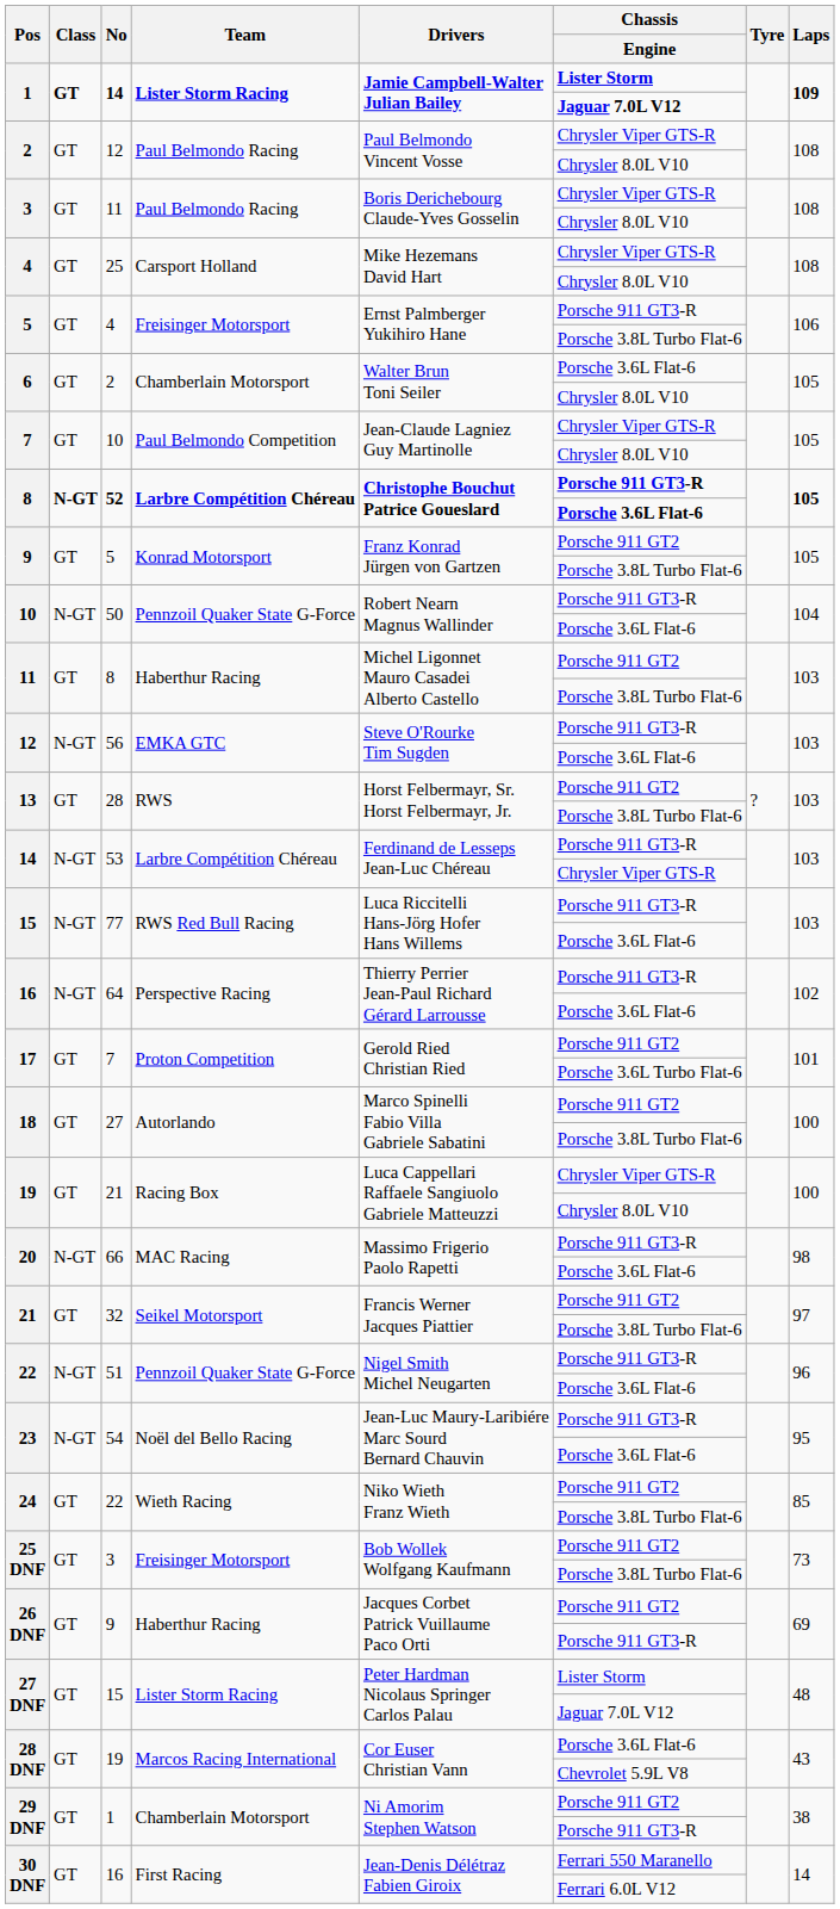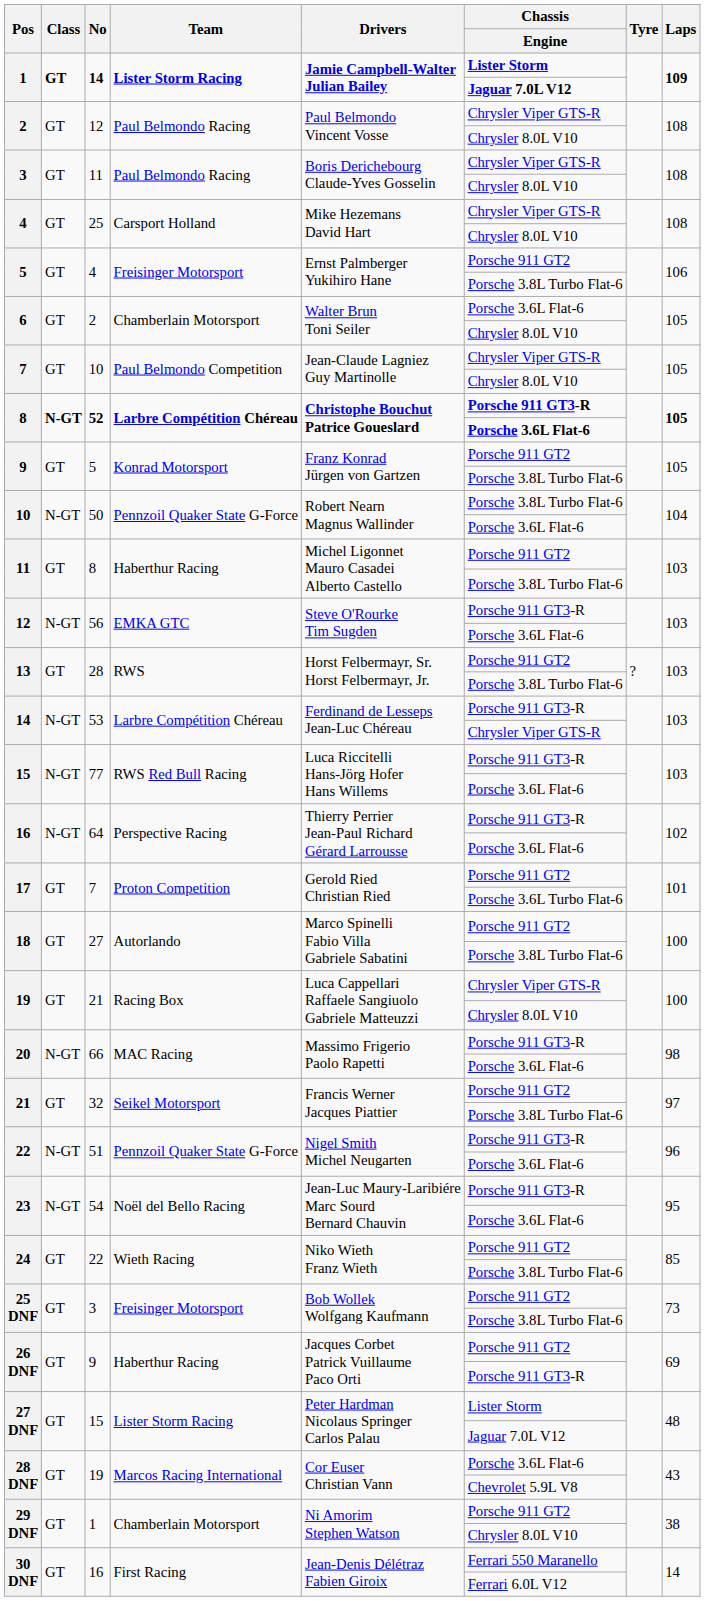 <table class="wikitable" style="font-size: 95%;">
 <tr>
 <th rowspan=2>Pos</th>
 <th rowspan=2>Class</th>
 <th rowspan=2>No</th>
 <th rowspan=2>Team</th>
 <th rowspan=2>Drivers</th>
 <th>Chassis</th>
 <th rowspan=2>Tyre</th>
 <th rowspan=2>Laps</th>
 </tr>
 <tr>
 <th>Engine</th>
 </tr>
 <tr style="font-weight:bold">
 <th rowspan=2>1</th>
 <td rowspan=2>GT</td>
 <td rowspan=2>14</td>
 <td rowspan=2> <a href='#'>Lister Storm Racing</a></td>
 <td rowspan=2> <a href='#'>Jamie Campbell-Walter</a><br> <a href='#'>Julian Bailey</a></td>
 <td><a href='#'>Lister Storm</a></td>
 <td rowspan=2></td>
 <td rowspan=2>109</td>
 </tr>
 <tr style="font-weight:bold">
 <td><a href='#'>Jaguar</a> 7.0L V12</td>
 </tr>
 <tr>
 <th rowspan=2>2</th>
 <td rowspan=2>GT</td>
 <td rowspan=2>12</td>
 <td rowspan=2> <a href='#'>Paul Belmondo</a> Racing</td>
 <td rowspan=2> <a href='#'>Paul Belmondo</a><br> Vincent Vosse</td>
 <td><a href='#'>Chrysler Viper GTS-R</a></td>
 <td rowspan=2></td>
 <td rowspan=2>108</td>
 </tr>
 <tr>
 <td><a href='#'>Chrysler</a> 8.0L V10</td>
 </tr>
 <tr>
 <th rowspan=2>3</th>
 <td rowspan=2>GT</td>
 <td rowspan=2>11</td>
 <td rowspan=2> <a href='#'>Paul Belmondo</a> Racing</td>
 <td rowspan=2> <a href='#'>Boris Derichebourg</a><br> Claude-Yves Gosselin</td>
 <td><a href='#'>Chrysler Viper GTS-R</a></td>
 <td rowspan=2></td>
 <td rowspan=2>108</td>
 </tr>
 <tr>
 <td><a href='#'>Chrysler</a> 8.0L V10</td>
 </tr>
 <tr>
 <th rowspan=2>4</th>
 <td rowspan=2>GT</td>
 <td rowspan=2>25</td>
 <td rowspan=2> Carsport Holland</td>
 <td rowspan=2> Mike Hezemans<br> David Hart</td>
 <td><a href='#'>Chrysler Viper GTS-R</a></td>
 <td rowspan=2></td>
 <td rowspan=2>108</td>
 </tr>
 <tr>
 <td><a href='#'>Chrysler</a> 8.0L V10</td>
 </tr>
 <tr>
 <th rowspan=2>5</th>
 <td rowspan=2>GT</td>
 <td rowspan=2>4</td>
 <td rowspan=2> <a href='#'>Freisinger Motorsport</a></td>
 <td rowspan=2> Ernst Palmberger<br> Yukihiro Hane</td>
-<td><a href='#'>Porsche 911 GT3</a>-R</td>
+<td><a href='#'>Porsche 911 GT2</a></td>
 <td rowspan=2></td>
 <td rowspan=2>106</td>
 </tr>
 <tr>
 <td><a href='#'>Porsche</a> 3.8L Turbo Flat-6</td>
 </tr>
 <tr>
 <th rowspan=2>6</th>
 <td rowspan=2>GT</td>
 <td rowspan=2>2</td>
 <td rowspan=2> Chamberlain Motorsport</td>
 <td rowspan=2> <a href='#'>Walter Brun</a><br> Toni Seiler</td>
 <td><a href='#'>Porsche</a> 3.6L Flat-6</td>
 <td rowspan=2></td>
 <td rowspan=2>105</td>
 </tr>
 <tr>
 <td><a href='#'>Chrysler</a> 8.0L V10</td>
 </tr>
 <tr>
 <th rowspan=2>7</th>
 <td rowspan=2>GT</td>
 <td rowspan=2>10</td>
 <td rowspan=2> <a href='#'>Paul Belmondo</a> Competition</td>
 <td rowspan=2> Jean-Claude Lagniez<br> Guy Martinolle</td>
 <td><a href='#'>Chrysler Viper GTS-R</a></td>
 <td rowspan=2></td>
 <td rowspan=2>105</td>
 </tr>
 <tr>
 <td><a href='#'>Chrysler</a> 8.0L V10</td>
 </tr>
 <tr style="font-weight:bold">
 <th rowspan=2>8</th>
 <td rowspan=2>N-GT</td>
 <td rowspan=2>52</td>
 <td rowspan=2> <a href='#'>Larbre Compétition</a> Chéreau</td>
 <td rowspan=2> <a href='#'>Christophe Bouchut</a><br> Patrice Goueslard</td>
 <td><a href='#'>Porsche 911 GT3</a>-R</td>
 <td rowspan=2></td>
 <td rowspan=2>105</td>
 </tr>
 <tr style="font-weight:bold">
 <td><a href='#'>Porsche</a> 3.6L Flat-6</td>
 </tr>
 <tr>
 <th rowspan=2>9</th>
 <td rowspan=2>GT</td>
 <td rowspan=2>5</td>
 <td rowspan=2> <a href='#'>Konrad Motorsport</a></td>
 <td rowspan=2> <a href='#'>Franz Konrad</a><br> Jürgen von Gartzen</td>
 <td><a href='#'>Porsche 911 GT2</a></td>
 <td rowspan=2></td>
 <td rowspan=2>105</td>
 </tr>
 <tr>
 <td><a href='#'>Porsche</a> 3.8L Turbo Flat-6</td>
 </tr>
 <tr>
 <th rowspan=2>10</th>
 <td rowspan=2>N-GT</td>
 <td rowspan=2>50</td>
 <td rowspan=2> <a href='#'>Pennzoil Quaker State</a> G-Force</td>
 <td rowspan=2> Robert Nearn<br> Magnus Wallinder</td>
-<td><a href='#'>Porsche 911 GT3</a>-R</td>
+<td><a href='#'>Porsche</a> 3.8L Turbo Flat-6</td>
 <td rowspan=2></td>
 <td rowspan=2>104</td>
 </tr>
 <tr>
 <td><a href='#'>Porsche</a> 3.6L Flat-6</td>
 </tr>
 <tr>
 <th rowspan=2>11</th>
 <td rowspan=2>GT</td>
 <td rowspan=2>8</td>
 <td rowspan=2> Haberthur Racing</td>
 <td rowspan=2> Michel Ligonnet<br> Mauro Casadei<br> Alberto Castello</td>
 <td><a href='#'>Porsche 911 GT2</a></td>
 <td rowspan=2></td>
 <td rowspan=2>103</td>
 </tr>
 <tr>
 <td><a href='#'>Porsche</a> 3.8L Turbo Flat-6</td>
 </tr>
 <tr>
 <th rowspan=2>12</th>
 <td rowspan=2>N-GT</td>
 <td rowspan=2>56</td>
 <td rowspan=2> <a href='#'>EMKA GTC</a></td>
 <td rowspan=2> <a href='#'>Steve O'Rourke</a><br> <a href='#'>Tim Sugden</a></td>
 <td><a href='#'>Porsche 911 GT3</a>-R</td>
 <td rowspan=2></td>
 <td rowspan=2>103</td>
 </tr>
 <tr>
 <td><a href='#'>Porsche</a> 3.6L Flat-6</td>
 </tr>
 <tr>
 <th rowspan=2>13</th>
 <td rowspan=2>GT</td>
 <td rowspan=2>28</td>
 <td rowspan=2> RWS</td>
 <td rowspan=2> Horst Felbermayr, Sr.<br> Horst Felbermayr, Jr.</td>
 <td><a href='#'>Porsche 911 GT2</a></td>
 <td rowspan=2>?</td>
 <td rowspan=2>103</td>
 </tr>
 <tr>
 <td><a href='#'>Porsche</a> 3.8L Turbo Flat-6</td>
 </tr>
 <tr>
 <th rowspan=2>14</th>
 <td rowspan=2>N-GT</td>
 <td rowspan=2>53</td>
 <td rowspan=2> <a href='#'>Larbre Compétition</a> Chéreau</td>
 <td rowspan=2> <a href='#'>Ferdinand de Lesseps</a><br> Jean-Luc Chéreau</td>
 <td><a href='#'>Porsche 911 GT3</a>-R</td>
 <td rowspan=2></td>
 <td rowspan=2>103</td>
 </tr>
 <tr>
 <td><a href='#'>Chrysler Viper GTS-R</a></td>
 </tr>
 <tr>
 <th rowspan=2>15</th>
 <td rowspan=2>N-GT</td>
 <td rowspan=2>77</td>
 <td rowspan=2> RWS <a href='#'>Red Bull</a> Racing</td>
 <td rowspan=2> Luca Riccitelli<br> Hans-Jörg Hofer<br> Hans Willems</td>
 <td><a href='#'>Porsche 911 GT3</a>-R</td>
 <td rowspan=2></td>
 <td rowspan=2>103</td>
 </tr>
 <tr>
 <td><a href='#'>Porsche</a> 3.6L Flat-6</td>
 </tr>
 <tr>
 <th rowspan=2>16</th>
 <td rowspan=2>N-GT</td>
 <td rowspan=2>64</td>
 <td rowspan=2> Perspective Racing</td>
 <td rowspan=2> Thierry Perrier<br> Jean-Paul Richard<br> <a href='#'>Gérard Larrousse</a></td>
 <td><a href='#'>Porsche 911 GT3</a>-R</td>
 <td rowspan=2></td>
 <td rowspan=2>102</td>
 </tr>
 <tr>
 <td><a href='#'>Porsche</a> 3.6L Flat-6</td>
 </tr>
 <tr>
 <th rowspan=2>17</th>
 <td rowspan=2>GT</td>
 <td rowspan=2>7</td>
 <td rowspan=2> <a href='#'>Proton Competition</a></td>
 <td rowspan=2> Gerold Ried<br> Christian Ried</td>
 <td><a href='#'>Porsche 911 GT2</a></td>
 <td rowspan=2></td>
 <td rowspan=2>101</td>
 </tr>
 <tr>
 <td><a href='#'>Porsche</a> 3.6L Turbo Flat-6</td>
 </tr>
 <tr>
 <th rowspan=2>18</th>
 <td rowspan=2>GT</td>
 <td rowspan=2>27</td>
 <td rowspan=2> Autorlando</td>
 <td rowspan=2> Marco Spinelli<br> Fabio Villa<br> Gabriele Sabatini</td>
 <td><a href='#'>Porsche 911 GT2</a></td>
 <td rowspan=2></td>
 <td rowspan=2>100</td>
 </tr>
 <tr>
 <td><a href='#'>Porsche</a> 3.8L Turbo Flat-6</td>
 </tr>
 <tr>
 <th rowspan=2>19</th>
 <td rowspan=2>GT</td>
 <td rowspan=2>21</td>
 <td rowspan=2> Racing Box</td>
 <td rowspan=2> Luca Cappellari<br> Raffaele Sangiuolo<br> Gabriele Matteuzzi</td>
 <td><a href='#'>Chrysler Viper GTS-R</a></td>
 <td rowspan=2></td>
 <td rowspan=2>100</td>
 </tr>
 <tr>
 <td><a href='#'>Chrysler</a> 8.0L V10</td>
 </tr>
 <tr>
 <th rowspan=2>20</th>
 <td rowspan=2>N-GT</td>
 <td rowspan=2>66</td>
 <td rowspan=2> MAC Racing</td>
 <td rowspan=2> Massimo Frigerio<br> Paolo Rapetti</td>
 <td><a href='#'>Porsche 911 GT3</a>-R</td>
 <td rowspan=2></td>
 <td rowspan=2>98</td>
 </tr>
 <tr>
 <td><a href='#'>Porsche</a> 3.6L Flat-6</td>
 </tr>
 <tr>
 <th rowspan=2>21</th>
 <td rowspan=2>GT</td>
 <td rowspan=2>32</td>
 <td rowspan=2> <a href='#'>Seikel Motorsport</a></td>
 <td rowspan=2> Francis Werner<br> Jacques Piattier</td>
 <td><a href='#'>Porsche 911 GT2</a></td>
 <td rowspan=2></td>
 <td rowspan=2>97</td>
 </tr>
 <tr>
 <td><a href='#'>Porsche</a> 3.8L Turbo Flat-6</td>
 </tr>
 <tr>
 <th rowspan=2>22</th>
 <td rowspan=2>N-GT</td>
 <td rowspan=2>51</td>
 <td rowspan=2> <a href='#'>Pennzoil Quaker State</a> G-Force</td>
 <td rowspan=2> <a href='#'>Nigel Smith</a><br> Michel Neugarten</td>
 <td><a href='#'>Porsche 911 GT3</a>-R</td>
 <td rowspan=2></td>
 <td rowspan=2>96</td>
 </tr>
 <tr>
 <td><a href='#'>Porsche</a> 3.6L Flat-6</td>
 </tr>
 <tr>
 <th rowspan=2>23</th>
 <td rowspan=2>N-GT</td>
 <td rowspan=2>54</td>
 <td rowspan=2> Noël del Bello Racing</td>
 <td rowspan=2> Jean-Luc Maury-Laribiére<br> Marc Sourd<br> Bernard Chauvin</td>
 <td><a href='#'>Porsche 911 GT3</a>-R</td>
 <td rowspan=2></td>
 <td rowspan=2>95</td>
 </tr>
 <tr>
 <td><a href='#'>Porsche</a> 3.6L Flat-6</td>
 </tr>
 <tr>
 <th rowspan=2>24</th>
 <td rowspan=2>GT</td>
 <td rowspan=2>22</td>
 <td rowspan=2> Wieth Racing</td>
 <td rowspan=2> Niko Wieth<br> Franz Wieth</td>
 <td><a href='#'>Porsche 911 GT2</a></td>
 <td rowspan=2></td>
 <td rowspan=2>85</td>
 </tr>
 <tr>
 <td><a href='#'>Porsche</a> 3.8L Turbo Flat-6</td>
 </tr>
 <tr>
 <th rowspan=2>25<br>DNF</th>
 <td rowspan=2>GT</td>
 <td rowspan=2>3</td>
 <td rowspan=2> <a href='#'>Freisinger Motorsport</a></td>
 <td rowspan=2> <a href='#'>Bob Wollek</a><br> Wolfgang Kaufmann</td>
 <td><a href='#'>Porsche 911 GT2</a></td>
 <td rowspan=2></td>
 <td rowspan=2>73</td>
 </tr>
 <tr>
 <td><a href='#'>Porsche</a> 3.8L Turbo Flat-6</td>
 </tr>
 <tr>
 <th rowspan=2>26<br>DNF</th>
 <td rowspan=2>GT</td>
 <td rowspan=2>9</td>
 <td rowspan=2> Haberthur Racing</td>
 <td rowspan=2> Jacques Corbet<br> Patrick Vuillaume<br> Paco Orti</td>
 <td><a href='#'>Porsche 911 GT2</a></td>
 <td rowspan=2></td>
 <td rowspan=2>69</td>
 </tr>
 <tr>
 <td><a href='#'>Porsche 911 GT3</a>-R</td>
 </tr>
 <tr>
 <th rowspan=2>27<br>DNF</th>
 <td rowspan=2>GT</td>
 <td rowspan=2>15</td>
 <td rowspan=2> <a href='#'>Lister Storm Racing</a></td>
 <td rowspan=2> <a href='#'>Peter Hardman</a><br> Nicolaus Springer<br> Carlos Palau</td>
 <td><a href='#'>Lister Storm</a></td>
 <td rowspan=2></td>
 <td rowspan=2>48</td>
 </tr>
 <tr>
 <td><a href='#'>Jaguar</a> 7.0L V12</td>
 </tr>
 <tr>
 <th rowspan=2>28<br>DNF</th>
 <td rowspan=2>GT</td>
 <td rowspan=2>19</td>
 <td rowspan=2> <a href='#'>Marcos Racing International</a></td>
 <td rowspan=2> <a href='#'>Cor Euser</a><br> Christian Vann</td>
 <td><a href='#'>Porsche</a> 3.6L Flat-6</td>
 <td rowspan=2></td>
 <td rowspan=2>43</td>
 </tr>
 <tr>
 <td><a href='#'>Chevrolet</a> 5.9L V8</td>
 </tr>
 <tr>
 <th rowspan=2>29<br>DNF</th>
 <td rowspan=2>GT</td>
 <td rowspan=2>1</td>
 <td rowspan=2> Chamberlain Motorsport</td>
 <td rowspan=2> <a href='#'>Ni Amorim</a><br> <a href='#'>Stephen Watson</a></td>
 <td><a href='#'>Porsche 911 GT2</a></td>
 <td rowspan=2></td>
 <td rowspan=2>38</td>
 </tr>
 <tr>
-<td><a href='#'>Porsche 911 GT3</a>-R</td>
+<td><a href='#'>Chrysler</a> 8.0L V10</td>
 </tr>
 <tr>
 <th rowspan=2>30<br>DNF</th>
 <td rowspan=2>GT</td>
 <td rowspan=2>16</td>
 <td rowspan=2> First Racing</td>
 <td rowspan=2> <a href='#'>Jean-Denis Délétraz</a><br> <a href='#'>Fabien Giroix</a></td>
 <td><a href='#'>Ferrari 550 Maranello</a></td>
 <td rowspan=2></td>
 <td rowspan=2>14</td>
 </tr>
 <tr>
 <td><a href='#'>Ferrari</a> 6.0L V12</td>
 </tr>
 </table>
